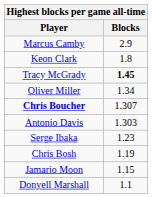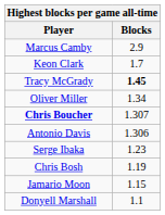 <table class="wikitable sortable" style="text-align:center">
 <tr>
 <th colspan="2">Highest blocks per game all-time</th>
 </tr>
 <tr>
 <th>Player</th>
 <th>Blocks</th>
 </tr>
 <tr>
 <td><a href='#'>Marcus Camby</a></td>
 <td>2.9</td>
 </tr>
 <tr>
 <td><a href='#'>Keon Clark</a></td>
-<td>1.8</td>
+<td>1.7</td>
 </tr>
 <tr>
 <td><a href='#'>Tracy McGrady</a></td>
 <td><strong>1.45</strong></td>
 </tr>
 <tr>
 <td><a href='#'>Oliver Miller</a></td>
 <td>1.34</td>
 </tr>
 <tr>
 <td><strong><a href='#'>Chris Boucher</a></strong></td>
 <td>1.307</td>
 </tr>
 <tr>
 <td><a href='#'>Antonio Davis</a></td>
-<td>1.303</td>
+<td>1.306</td>
 </tr>
 <tr>
 <td><a href='#'>Serge Ibaka</a></td>
 <td>1.23</td>
 </tr>
 <tr>
 <td><a href='#'>Chris Bosh</a></td>
 <td>1.19</td>
 </tr>
 <tr>
 <td><a href='#'>Jamario Moon</a></td>
 <td>1.15</td>
 </tr>
 <tr>
 <td><a href='#'>Donyell Marshall</a></td>
 <td>1.1</td>
 </tr>
 </table>
